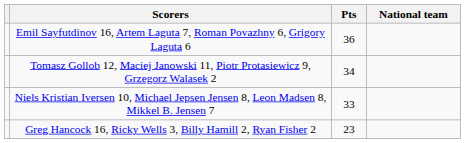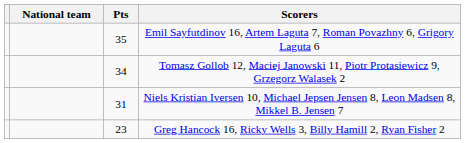 <table class=wikitable style="font-size: 95%">
 <tr>
 <th></th>
+<th width=150>National team</th>
+<th width=50>Pts</th>
 <th width=600>Scorers</th>
-<th width=50>Pts</th>
-<th width=150>National team</th>
 </tr>
 <tr align=center >
 <td></td>
+<td align=left></td>
+<td>35</td>
 <td><a href='#'>Emil Sayfutdinov</a> 16, <a href='#'>Artem Laguta</a> 7, <a href='#'>Roman Povazhny</a> 6, <a href='#'>Grigory Laguta</a> 6</td>
-<td>36</td>
-<td align=left></td>
 </tr>
 <tr align=center>
 <td></td>
+<td align=left></td>
+<td>34</td>
 <td><a href='#'>Tomasz Gollob</a> 12, <a href='#'>Maciej Janowski</a> 11, <a href='#'>Piotr Protasiewicz</a> 9, <a href='#'>Grzegorz Walasek</a> 2</td>
-<td>34</td>
-<td align=left></td>
 </tr>
 <tr align=center>
 <td></td>
+<td align=left></td>
+<td>31</td>
 <td><a href='#'>Niels Kristian Iversen</a> 10, <a href='#'>Michael Jepsen Jensen</a> 8, <a href='#'>Leon Madsen</a> 8, <a href='#'>Mikkel B. Jensen</a> 7</td>
-<td>33</td>
-<td align=left></td>
 </tr>
 <tr align=center>
 <td></td>
+<td align=left></td>
+<td>23</td>
 <td><a href='#'>Greg Hancock</a> 16, <a href='#'>Ricky Wells</a> 3, <a href='#'>Billy Hamill</a> 2, <a href='#'>Ryan Fisher</a> 2</td>
-<td>23</td>
-<td align=left></td>
 </tr>
 </table>
